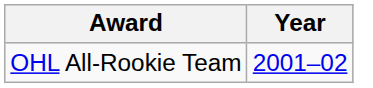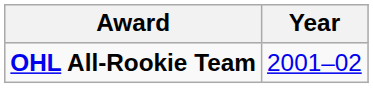 <table class="wikitable">
 <tr>
 <th>Award</th>
 <th>Year</th>
 </tr>
 <tr>
-<td><a href='#'>OHL</a> All-Rookie Team</td>
+<td><strong><a href='#'>OHL</a> All-Rookie Team</strong></td>
 <td><a href='#'>2001–02</a></td>
 </tr>
 </table>
